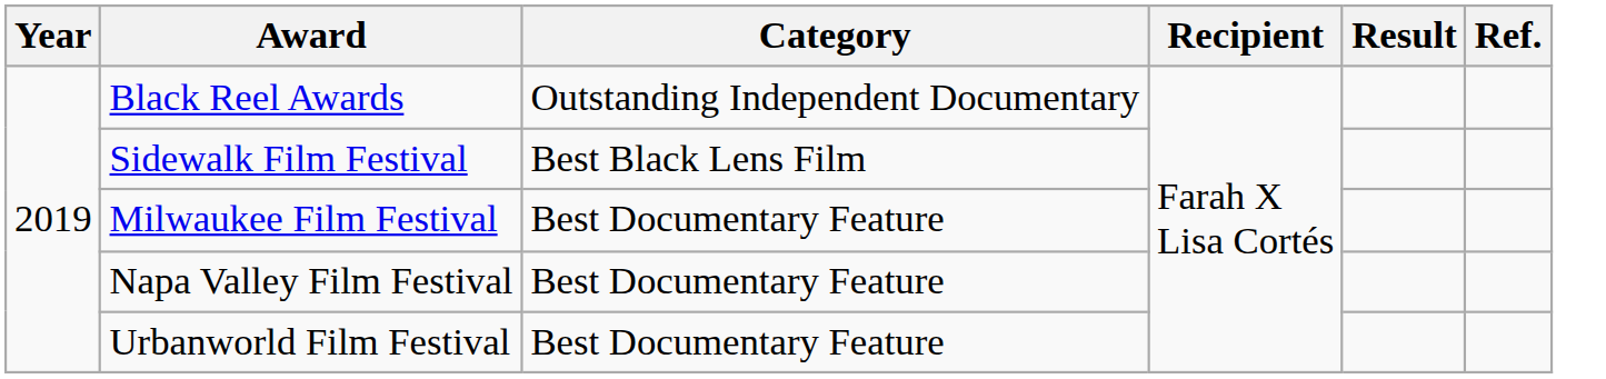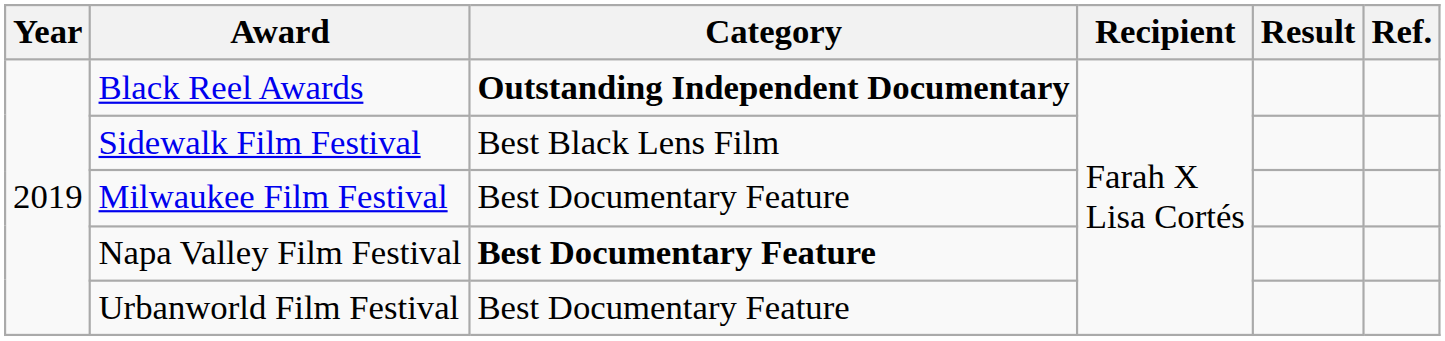 <table class="wikitable">
 <tr>
 <th>Year</th>
 <th>Award</th>
 <th>Category</th>
 <th>Recipient</th>
 <th>Result</th>
 <th>Ref.</th>
 </tr>
 <tr>
 <td rowspan=5>2019</td>
 <td><a href='#'>Black Reel Awards</a></td>
-<td>Outstanding Independent Documentary</td>
+<td><strong>Outstanding Independent Documentary</strong></td>
 <td rowspan=5>Farah X<br>Lisa Cortés</td>
 <td></td>
 <td></td>
 </tr>
 <tr>
 <td><a href='#'>Sidewalk Film Festival</a></td>
 <td>Best Black Lens Film</td>
 <td></td>
 <td></td>
 </tr>
 <tr>
 <td><a href='#'>Milwaukee Film Festival</a></td>
 <td>Best Documentary Feature</td>
 <td></td>
 <td></td>
 </tr>
 <tr>
 <td>Napa Valley Film Festival</td>
-<td>Best Documentary Feature</td>
+<td><strong>Best Documentary Feature</strong></td>
 <td></td>
 <td></td>
 </tr>
 <tr>
 <td>Urbanworld Film Festival</td>
 <td>Best Documentary Feature</td>
 <td></td>
 <td></td>
 </tr>
 </table>
